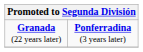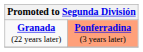 <table class="wikitable" style="text-align: center; margin: 0 auto;">
 <tr>
 <th colspan="2">Promoted to <a href='#'>Segunda División</a></th>
 </tr>
 <tr>
 <td><strong><a href='#'>Granada</a></strong><br><small>(22 years later)</small></td>
-<td><strong><a href='#'>Ponferradina</a></strong><br><small>(3 years later)</small></td>
+<td style="background: lightsalmon;"><strong><a href='#'>Ponferradina</a></strong><br><small>(3 years later)</small></td>
 </tr>
 <tr>
 </tr>
 </table>
